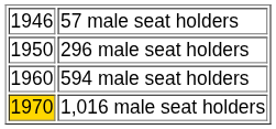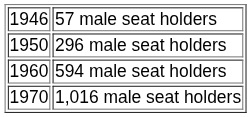 <table align="right" border="1">
 <tr>
 <td>1946</td>
 <td>57 male seat holders</td>
 </tr>
 <tr>
 <td>1950</td>
 <td>296 male seat holders</td>
 </tr>
 <tr>
 <td>1960</td>
 <td>594 male seat holders</td>
 </tr>
 <tr>
-<td style="background: gold;">1970</td>
+<td>1970</td>
 <td>1,016 male seat holders</td>
 </tr>
 </table>
